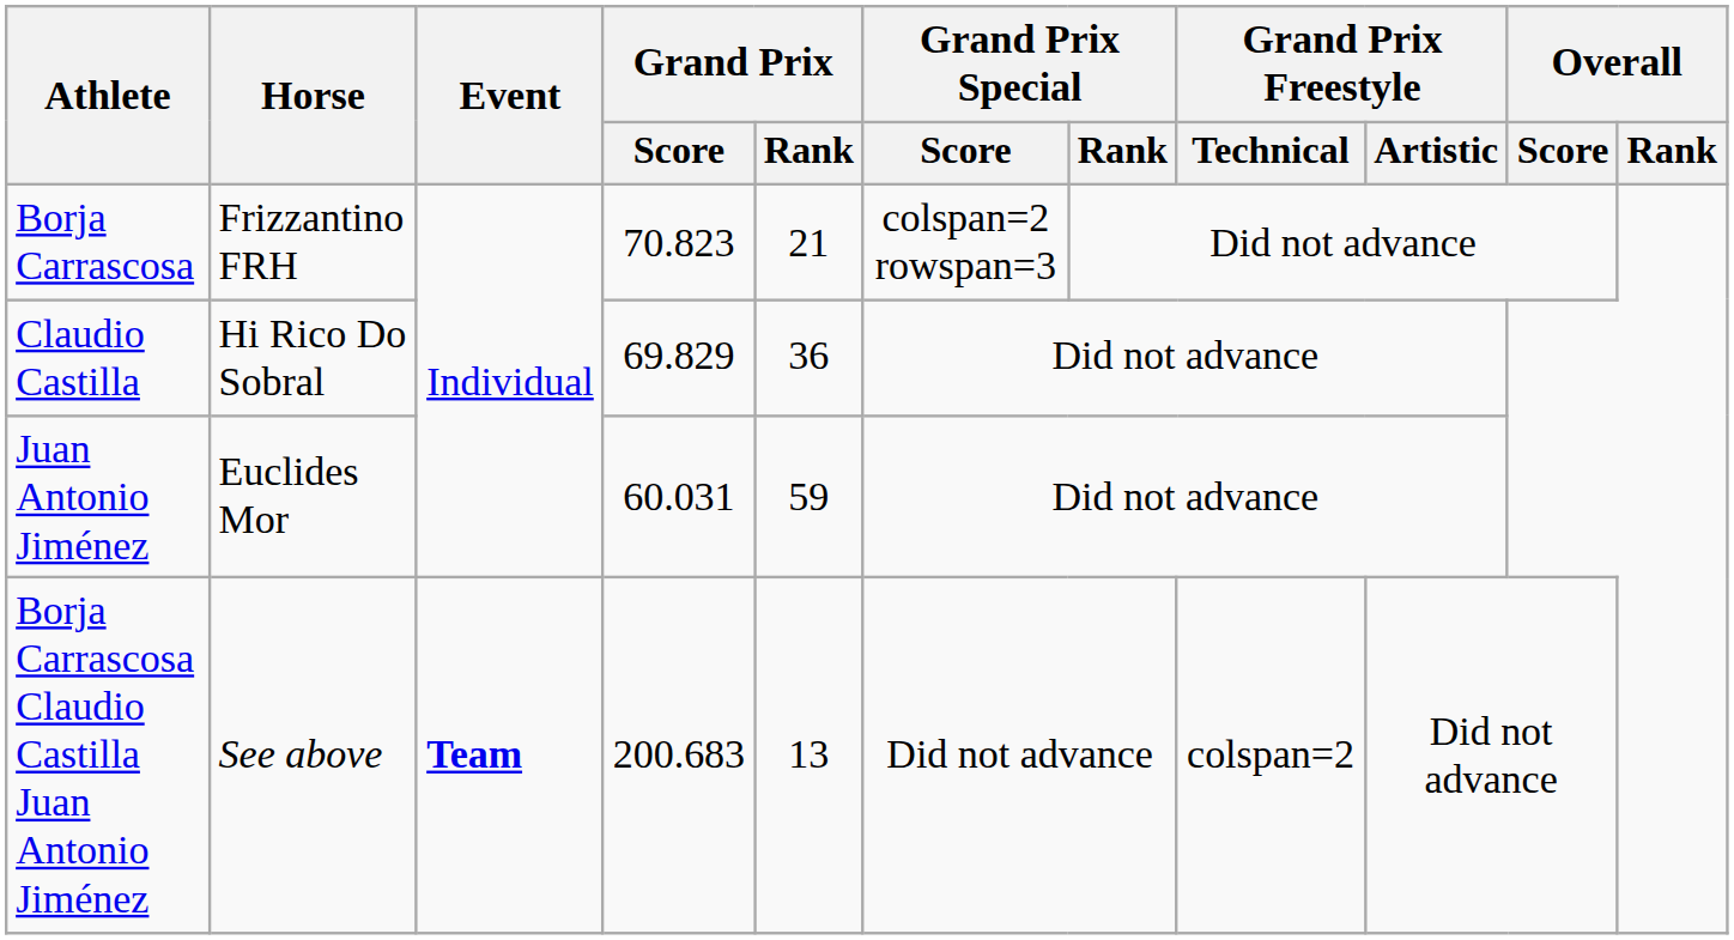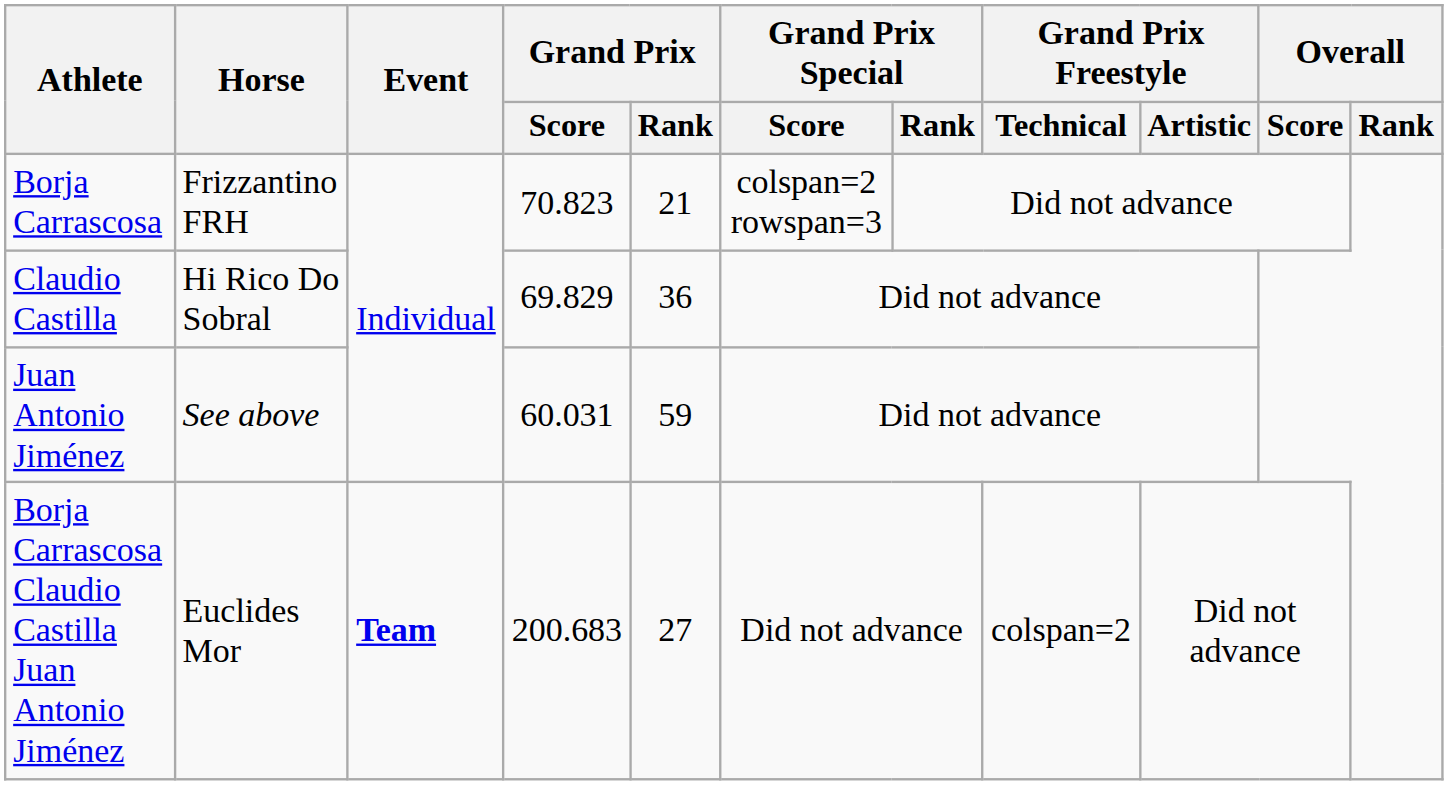 <table class=wikitable style=font-size:90%;>
 <tr>
 <th rowspan="2">Athlete</th>
 <th rowspan="2">Horse</th>
 <th rowspan="2">Event</th>
 <th colspan="2">Grand Prix</th>
 <th colspan="2">Grand Prix Special</th>
 <th colspan="2">Grand Prix Freestyle</th>
 <th colspan="2">Overall</th>
 </tr>
 <tr style="font-size:95%">
 <th>Score</th>
 <th>Rank</th>
 <th>Score</th>
 <th>Rank</th>
 <th>Technical</th>
 <th>Artistic</th>
 <th>Score</th>
 <th>Rank</th>
 </tr>
 <tr align=center>
 <td align=left><a href='#'>Borja Carrascosa</a></td>
 <td align=left>Frizzantino FRH</td>
 <td rowspan=3 align=left><a href='#'>Individual</a></td>
 <td>70.823</td>
 <td>21</td>
 <td>colspan=2 rowspan=3  </td>
 <td colspan=4>Did not advance</td>
 </tr>
 <tr align=center>
 <td align=left><a href='#'>Claudio Castilla</a></td>
 <td align=left>Hi Rico Do Sobral</td>
 <td>69.829</td>
 <td>36</td>
 <td colspan=4>Did not advance</td>
 </tr>
 <tr align=center>
 <td align=left><a href='#'>Juan Antonio Jiménez</a></td>
-<td align=left>Euclides Mor</td>
+<td align=left><em>See above</em></td>
 <td>60.031</td>
 <td>59</td>
 <td colspan=4>Did not advance</td>
 </tr>
 <tr align=center>
 <td align=left><a href='#'>Borja Carrascosa</a><br><a href='#'>Claudio Castilla</a><br><a href='#'>Juan Antonio Jiménez</a></td>
-<td align=left><em>See above</em></td>
+<td align=left>Euclides Mor</td>
 <td align=left><strong><a href='#'>Team</a></strong></td>
 <td>200.683</td>
-<td>13</td>
+<td>27</td>
 <td colspan=2>Did not advance</td>
 <td>colspan=2 </td>
 <td colspan=2>Did not advance</td>
 </tr>
 </table>
